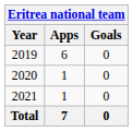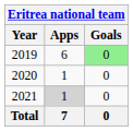 <table class="wikitable" style="text-align:center">
 <tr>
 <th colspan=3><a href='#'>Eritrea national team</a></th>
 </tr>
 <tr>
 <th>Year</th>
 <th>Apps</th>
 <th>Goals</th>
 </tr>
 <tr>
 <td>2019</td>
 <td>6</td>
-<td>0</td>
+<td style="background: lightgreen;">0</td>
 </tr>
 <tr>
 <td>2020</td>
 <td>1</td>
 <td>0</td>
 </tr>
 <tr>
 <td>2021</td>
-<td>1</td>
+<td style="background: lightgrey;">1</td>
 <td>0</td>
 </tr>
 <tr>
 <th>Total</th>
 <th>7</th>
 <th>0</th>
 </tr>
 </table>
